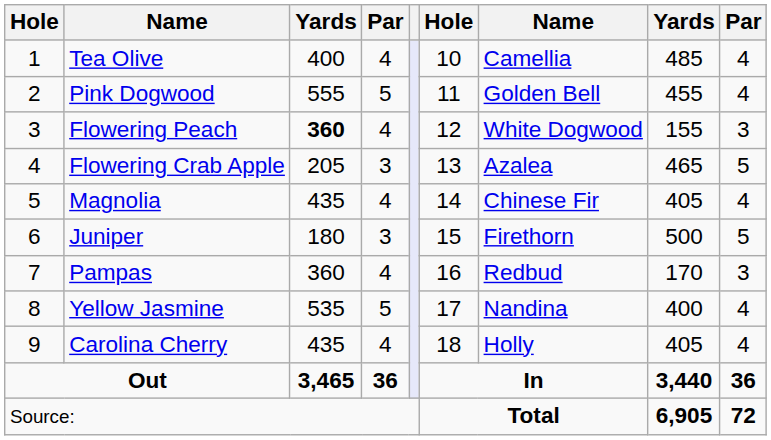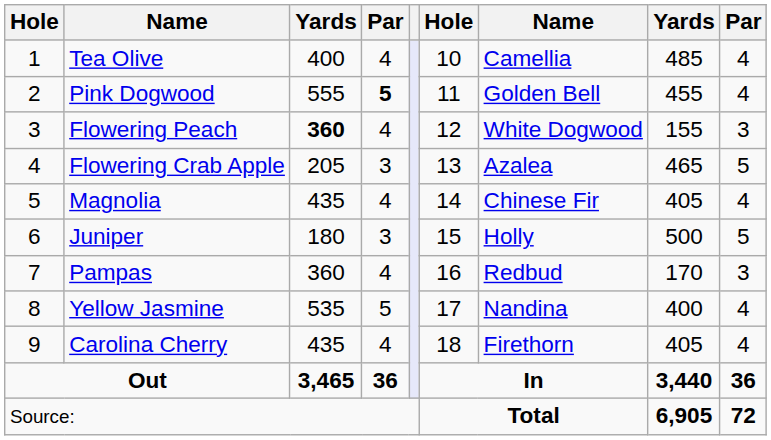 <table class=wikitable style="text-align: center">
 <tr>
 <th>Hole</th>
 <th>Name</th>
 <th>Yards</th>
 <th>Par</th>
 <th></th>
 <th>Hole</th>
 <th>Name</th>
 <th>Yards</th>
 <th>Par</th>
 </tr>
 <tr>
 <td>1</td>
 <td align=left><a href='#'>Tea Olive</a></td>
 <td>400</td>
 <td>4</td>
 <td rowspan=10 style="background:#E6E8FA;"></td>
 <td>10</td>
 <td align=left><a href='#'>Camellia</a></td>
 <td>485</td>
 <td>4</td>
 </tr>
 <tr>
 <td>2</td>
 <td align=left><a href='#'>Pink Dogwood</a></td>
 <td>555</td>
-<td>5</td>
+<td><strong>5</strong></td>
 <td>11</td>
 <td align=left><a href='#'>Golden Bell</a></td>
 <td>455</td>
 <td>4</td>
 </tr>
 <tr>
 <td>3</td>
 <td align=left><a href='#'>Flowering Peach</a></td>
 <td><strong>360</strong></td>
 <td>4</td>
 <td>12</td>
 <td align=left><a href='#'>White Dogwood</a></td>
 <td>155</td>
 <td>3</td>
 </tr>
 <tr>
 <td>4</td>
 <td align=left><a href='#'>Flowering Crab Apple</a></td>
 <td>205</td>
 <td>3</td>
 <td>13</td>
 <td align=left><a href='#'>Azalea</a></td>
 <td>465</td>
 <td>5</td>
 </tr>
 <tr>
 <td>5</td>
 <td align=left><a href='#'>Magnolia</a></td>
 <td>435</td>
 <td>4</td>
 <td>14</td>
 <td align=left><a href='#'>Chinese Fir</a></td>
 <td>405</td>
 <td>4</td>
 </tr>
 <tr>
 <td>6</td>
 <td align=left><a href='#'>Juniper</a></td>
 <td>180</td>
 <td>3</td>
 <td>15</td>
-<td align=left><a href='#'>Firethorn</a></td>
+<td align=left><a href='#'>Holly</a></td>
 <td>500</td>
 <td>5</td>
 </tr>
 <tr>
 <td>7</td>
 <td align=left><a href='#'>Pampas</a></td>
 <td>360</td>
 <td>4</td>
 <td>16</td>
 <td align=left><a href='#'>Redbud</a></td>
 <td>170</td>
 <td>3</td>
 </tr>
 <tr>
 <td>8</td>
 <td align=left><a href='#'>Yellow Jasmine</a></td>
 <td>535</td>
 <td>5</td>
 <td>17</td>
 <td align=left><a href='#'>Nandina</a></td>
 <td>400</td>
 <td>4</td>
 </tr>
 <tr>
 <td>9</td>
 <td align=left><a href='#'>Carolina Cherry</a></td>
 <td>435</td>
 <td>4</td>
 <td>18</td>
-<td align=left><a href='#'>Holly</a></td>
+<td align=left><a href='#'>Firethorn</a></td>
 <td>405</td>
 <td>4</td>
 </tr>
 <tr>
 <td colspan=2><strong>Out</strong></td>
 <td><strong>3,465</strong></td>
 <td><strong>36</strong></td>
 <td colspan=2><strong>In</strong></td>
 <td><strong>3,440</strong></td>
 <td><strong>36</strong></td>
 </tr>
 <tr>
 <td colspan=5 align=left><small>Source:</small></td>
 <td colspan=2><strong>Total</strong></td>
 <td><strong>6,905</strong></td>
 <td><strong>72</strong></td>
 </tr>
 </table>
